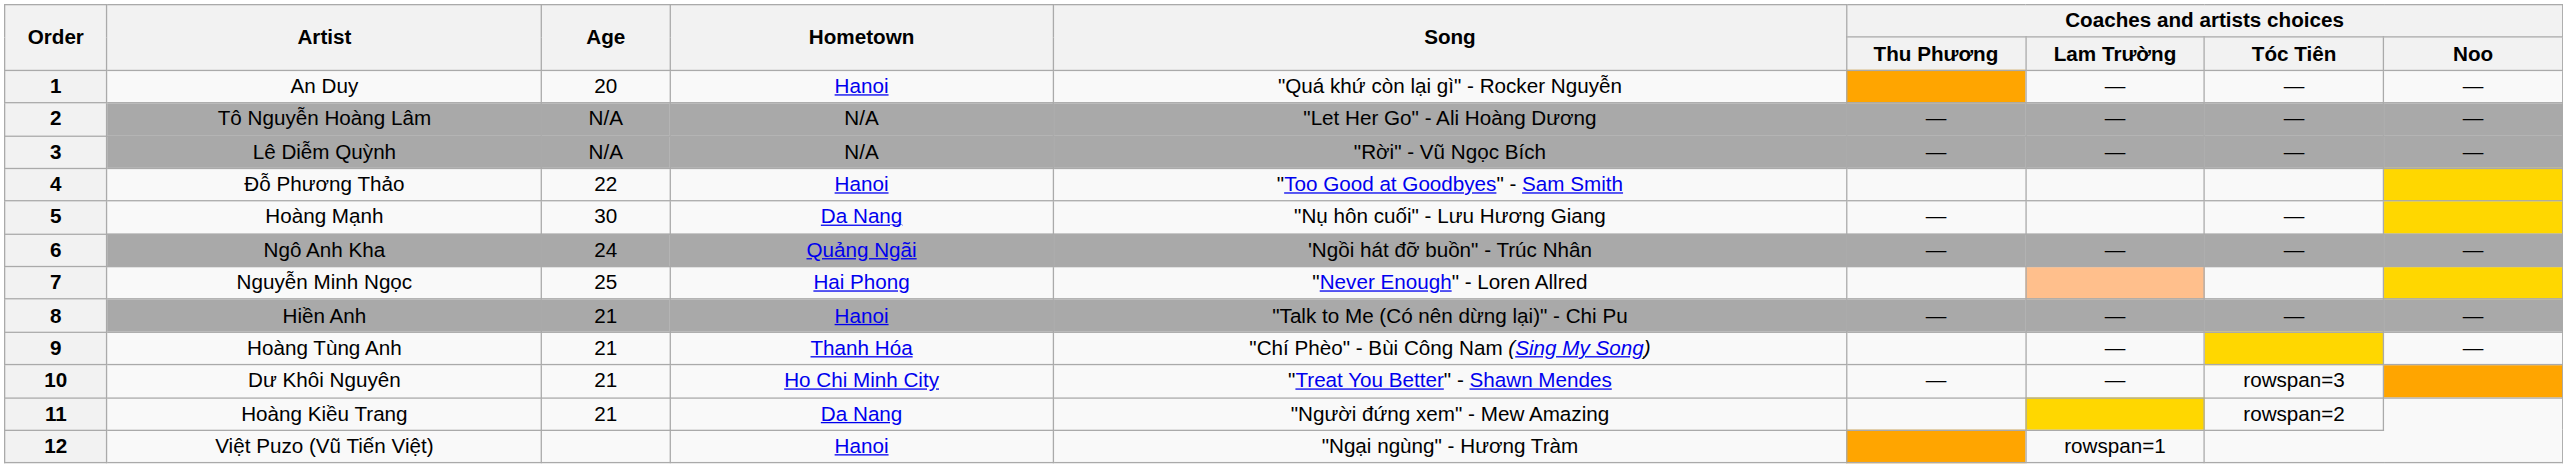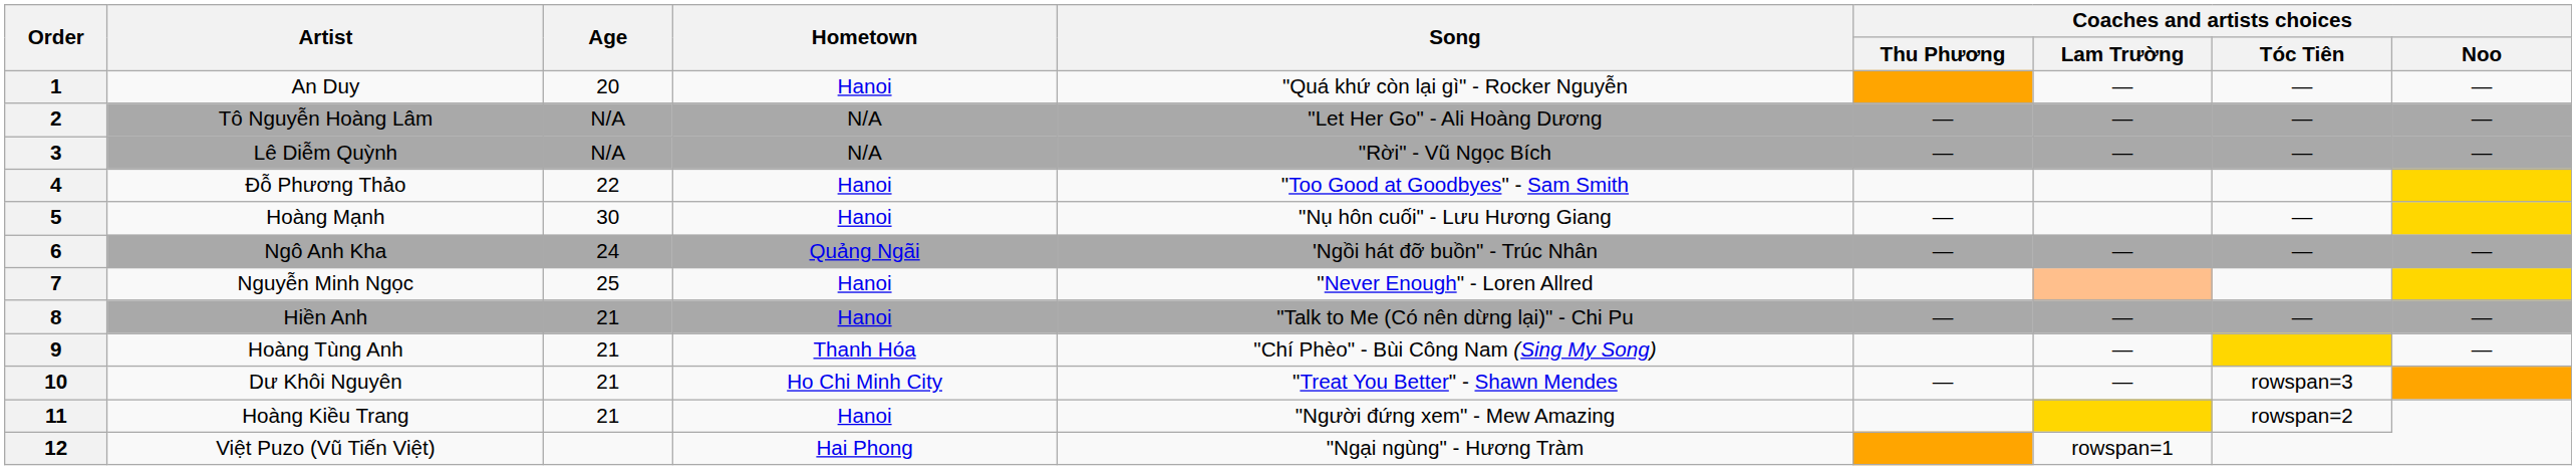 <table class="wikitable" style="text-align:center; width:100%;">
 <tr>
 <th scope="col" rowspan="2" style="width:04%;">Order</th>
 <th scope="col" rowspan="2" style="width:17%;">Artist</th>
 <th scope="col" rowspan="2" style="width:05%;">Age</th>
 <th scope="col" rowspan="2" style="width:15%;">Hometown</th>
 <th scope="col" rowspan="2" style="width:31%;">Song</th>
 <th colspan="4" style="width:28%;">Coaches and artists choices</th>
 </tr>
 <tr>
 <th style="width:07%;">Thu Phương</th>
 <th style="width:07%;">Lam Trường</th>
 <th style="width:07%;">Tóc Tiên</th>
 <th style="width:07%;">Noo</th>
 </tr>
 <tr>
 <th>1</th>
 <td>An Duy</td>
 <td>20</td>
 <td><a href='#'>Hanoi</a></td>
 <td>"Quá khứ còn lại gì" - Rocker Nguyễn</td>
 <td style="background:orange;text-align:center;"></td>
 <td style="text-align:center;">—</td>
 <td style="text-align:center;">—</td>
 <td style="text-align:center;">—</td>
 </tr>
 <tr>
 <th>2</th>
 <td style="background:darkgrey;">Tô Nguyễn Hoàng Lâm</td>
 <td style="background:darkgrey;">N/A</td>
 <td style="background:darkgrey;">N/A</td>
 <td style="background:darkgrey;">"Let Her Go" - Ali Hoàng Dương</td>
 <td style="background:darkgrey;text-align:center;">—</td>
 <td style="background:darkgrey;text-align:center;">—</td>
 <td style="background:darkgrey;text-align:center;">—</td>
 <td style="background:darkgrey;text-align:center;">—</td>
 </tr>
 <tr>
 <th>3</th>
 <td style="background:darkgrey;">Lê Diễm Quỳnh</td>
 <td style="background:darkgrey;">N/A</td>
 <td style="background:darkgrey;">N/A</td>
 <td style="background:darkgrey;">"Rời" - Vũ Ngọc Bích</td>
 <td style="background:darkgrey;text-align:center;">—</td>
 <td style="background:darkgrey;text-align:center;">—</td>
 <td style="background:darkgrey;text-align:center;">—</td>
 <td style="background:darkgrey;text-align:center;">—</td>
 </tr>
 <tr>
 <th>4</th>
 <td>Đỗ Phương Thảo</td>
 <td>22</td>
 <td><a href='#'>Hanoi</a></td>
 <td>"<a href='#'>Too Good at Goodbyes</a>" - <a href='#'>Sam Smith</a></td>
 <td style="text-align:center;"></td>
 <td style="text-align:center;"></td>
 <td style="text-align:center;"></td>
 <td style="background:gold;text-align:center;"></td>
 </tr>
 <tr>
 <th>5</th>
 <td>Hoàng Mạnh</td>
 <td>30</td>
-<td><a href='#'>Da Nang</a></td>
+<td><a href='#'>Hanoi</a></td>
 <td>"Nụ hôn cuối" - Lưu Hương Giang</td>
 <td style="text-align:center;">—</td>
 <td style="text-align:center;"></td>
 <td style="text-align:center;">—</td>
 <td style="background:gold;text-align:center;"></td>
 </tr>
 <tr>
 <th>6</th>
 <td style="background:darkgrey;">Ngô Anh Kha</td>
 <td style="background:darkgrey;">24</td>
 <td style="background:darkgrey;"><a href='#'>Quảng Ngãi</a></td>
 <td style="background:darkgrey;">'Ngồi hát đỡ buồn" - Trúc Nhân</td>
 <td style="background:darkgrey;text-align:center;">—</td>
 <td style="background:darkgrey;text-align:center;">—</td>
 <td style="background:darkgrey;text-align:center;">—</td>
 <td style="background:darkgrey;text-align:center;">—</td>
 </tr>
 <tr>
 <th>7</th>
 <td>Nguyễn Minh Ngọc</td>
 <td>25</td>
-<td><a href='#'>Hai Phong</a></td>
+<td><a href='#'>Hanoi</a></td>
 <td>"<a href='#'>Never Enough</a>" - Loren Allred</td>
 <td style="text-align:center;"></td>
 <td style="background:#ffbf8c;text-align:center;"></td>
 <td style="text-align:center;"></td>
 <td style="background:gold;text-align:center;"></td>
 </tr>
 <tr>
 <th>8</th>
 <td style="background:darkgrey;">Hiền Anh</td>
 <td style="background:darkgrey;">21</td>
 <td style="background:darkgrey;"><a href='#'>Hanoi</a></td>
 <td style="background:darkgrey;">"Talk to Me (Có nên dừng lại)" - Chi Pu</td>
 <td style="background:darkgrey;text-align:center;">—</td>
 <td style="background:darkgrey;text-align:center;">—</td>
 <td style="background:darkgrey;text-align:center;">—</td>
 <td style="background:darkgrey;text-align:center;">—</td>
 </tr>
 <tr>
 <th>9</th>
 <td>Hoàng Tùng Anh</td>
 <td>21</td>
 <td><a href='#'>Thanh Hóa</a></td>
 <td>"Chí Phèo" - Bùi Công Nam <em>(<a href='#'>Sing My Song</a>)</em></td>
 <td style="text-align:center;"></td>
 <td style="text-align:center;">—</td>
 <td style="background:gold;text-align:center;"></td>
 <td style="text-align:center;">—</td>
 </tr>
 <tr>
 <th>10</th>
 <td>Dư Khôi Nguyên</td>
 <td>21</td>
 <td><a href='#'>Ho Chi Minh City</a></td>
 <td>"<a href='#'>Treat You Better</a>" - <a href='#'>Shawn Mendes</a></td>
 <td style="text-align:center;">—</td>
 <td style="text-align:center;">—</td>
 <td>rowspan=3 </td>
 <td style="background:orange;text-align:center;"></td>
 </tr>
 <tr>
 <th>11</th>
 <td>Hoàng Kiều Trang</td>
 <td>21</td>
-<td><a href='#'>Da Nang</a></td>
+<td><a href='#'>Hanoi</a></td>
 <td>"Người đứng xem" - Mew Amazing</td>
 <td style="text-align:center;"></td>
 <td style="background:gold;text-align:center;"></td>
 <td>rowspan=2 </td>
 </tr>
 <tr>
 <th>12</th>
 <td>Việt Puzo (Vũ Tiến Việt)</td>
 <td></td>
-<td><a href='#'>Hanoi</a></td>
+<td><a href='#'>Hai Phong</a></td>
 <td>"Ngại ngùng" - Hương Tràm</td>
 <td style="background:orange;text-align:center;"></td>
 <td>rowspan=1 </td>
 </tr>
 </table>
